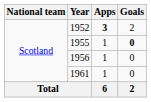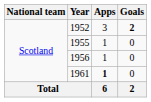 <table class="wikitable" style="text-align:center">
 <tr>
 <th>National team</th>
 <th>Year</th>
 <th>Apps</th>
 <th>Goals</th>
 </tr>
 <tr>
 <td rowspan="4"><a href='#'>Scotland</a></td>
 <td>1952</td>
-<td><strong>3</strong></td>
-<td>2</td>
+<td>3</td>
+<td><strong>2</strong></td>
 </tr>
 <tr>
 <td>1955</td>
 <td>1</td>
-<td><strong>0</strong></td>
+<td>0</td>
 </tr>
 <tr>
 <td>1956</td>
 <td>1</td>
 <td>0</td>
 </tr>
 <tr>
 <td>1961</td>
-<td>1</td>
+<td><strong>1</strong></td>
 <td>0</td>
 </tr>
 <tr>
 <th colspan="2">Total</th>
 <th>6</th>
 <th>2</th>
 </tr>
 </table>
